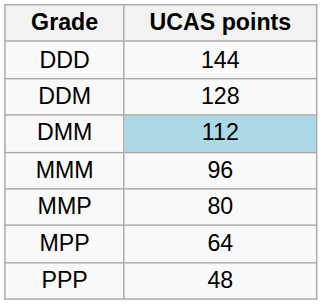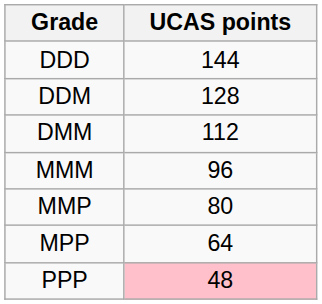 <table class="wikitable" border="1" style="text-align:center; margin-left:1em;">
 <tr>
 <th width="75">Grade</th>
 <th width="125">UCAS points</th>
 </tr>
 <tr>
 <td align="center">DDD</td>
 <td>144</td>
 </tr>
 <tr>
 <td align="center">DDM</td>
 <td>128</td>
 </tr>
 <tr>
 <td align="center">DMM</td>
-<td style="background: lightblue;">112</td>
+<td>112</td>
 </tr>
 <tr>
 <td align="center">MMM</td>
 <td>96</td>
 </tr>
 <tr>
 <td align="center">MMP</td>
 <td>80</td>
 </tr>
 <tr>
 <td align="center">MPP</td>
 <td>64</td>
 </tr>
 <tr>
 <td align="center">PPP</td>
-<td>48</td>
+<td style="background: pink;">48</td>
 </tr>
 </table>
